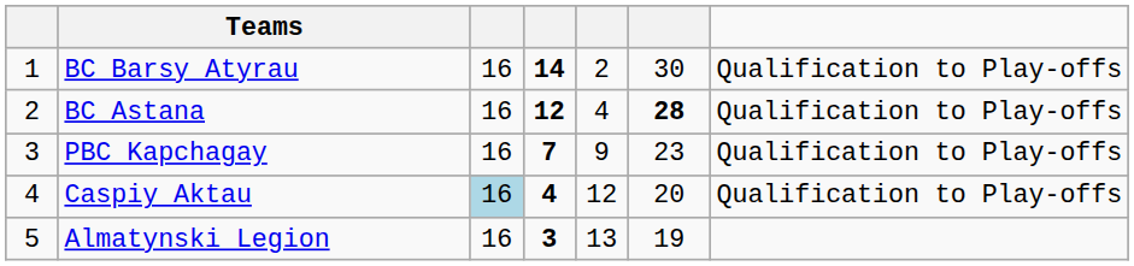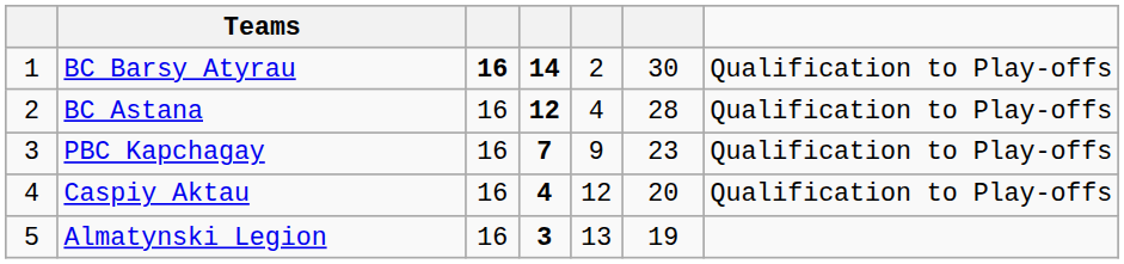 <table class="wikitable" style="text-align: center;">
 <tr>
 <th width=20></th>
 <th width=200>Teams</th>
 <th width=20></th>
 <th width=20></th>
 <th width=20></th>
 <th width=35></th>
 </tr>
 <tr>
 <td>1</td>
 <td align="left"><a href='#'>BC Barsy Atyrau</a></td>
-<td>16</td>
+<td><strong>16</strong></td>
 <td><strong>14</strong></td>
 <td>2</td>
 <td>30</td>
 <td>Qualification to Play-offs</td>
 </tr>
 <tr>
 <td>2</td>
 <td align="left"><a href='#'>BC Astana</a></td>
 <td>16</td>
 <td><strong>12</strong></td>
 <td>4</td>
-<td><strong>28</strong></td>
+<td>28</td>
 <td>Qualification to Play-offs</td>
 </tr>
 <tr>
 <td>3</td>
 <td align="left"><a href='#'>PBC Kapchagay</a></td>
 <td>16</td>
 <td><strong>7</strong></td>
 <td>9</td>
 <td>23</td>
 <td>Qualification to Play-offs</td>
 </tr>
 <tr>
 <td>4</td>
 <td align="left"><a href='#'>Caspiy Aktau</a></td>
-<td style="background: lightblue;">16</td>
+<td>16</td>
 <td><strong>4</strong></td>
 <td>12</td>
 <td>20</td>
 <td>Qualification to Play-offs</td>
 </tr>
 <tr>
 <td>5</td>
 <td align="left"><a href='#'>Almatynski Legion</a></td>
 <td>16</td>
 <td><strong>3</strong></td>
 <td>13</td>
 <td>19</td>
 </tr>
 </table>
